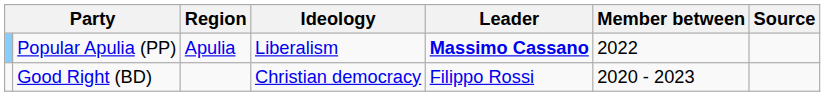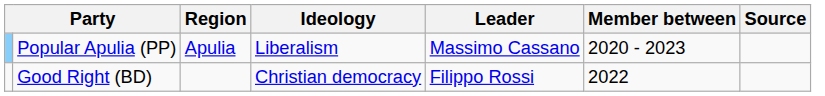 <table class=wikitable style=text-align:left>
 <tr>
 <th colspan=2>Party</th>
 <th>Region</th>
 <th>Ideology</th>
 <th>Leader</th>
 <th>Member between</th>
 <th>Source</th>
 </tr>
 <tr>
 <td bgcolor="#87CEFA"></td>
 <td><a href='#'>Popular Apulia</a> (PP)</td>
 <td><a href='#'>Apulia</a></td>
 <td><a href='#'>Liberalism</a></td>
-<td><strong><a href='#'>Massimo Cassano</a></strong></td>
-<td>2022</td>
+<td><a href='#'>Massimo Cassano</a></td>
+<td>2020 - 2023</td>
 <td></td>
 </tr>
 <tr>
 <td></td>
 <td><a href='#'>Good Right</a> (BD)</td>
 <td></td>
 <td><a href='#'>Christian democracy</a></td>
 <td><a href='#'>Filippo Rossi</a></td>
-<td>2020 - 2023</td>
+<td>2022</td>
 <td></td>
 </tr>
 </table>
